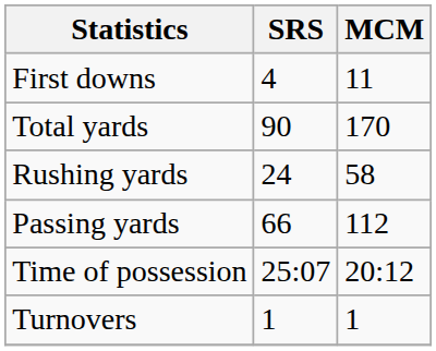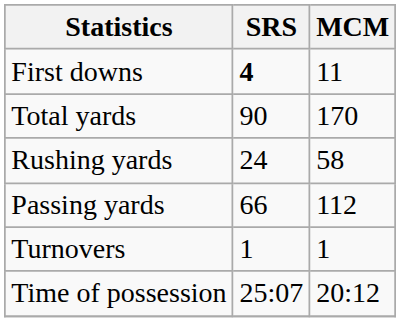 <table class="wikitable">
 <tr>
 <th>Statistics</th>
 <th>SRS</th>
 <th>MCM</th>
 </tr>
 <tr>
 <td>First downs</td>
-<td>4</td>
+<td><strong>4</strong></td>
 <td>11</td>
 </tr>
 <tr>
 <td>Total yards</td>
 <td>90</td>
 <td>170</td>
 </tr>
 <tr>
 <td>Rushing yards</td>
 <td>24</td>
 <td>58</td>
 </tr>
 <tr>
 <td>Passing yards</td>
 <td>66</td>
 <td>112</td>
 </tr>
 <tr>
+<td>Turnovers</td>
+<td>1</td>
+<td>1</td>
+</tr>
+<tr>
 <td>Time of possession</td>
 <td>25:07</td>
 <td>20:12</td>
 </tr>
 <tr>
-<td>Turnovers</td>
-<td>1</td>
-<td>1</td>
-</tr>
-<tr>
 </tr>
 </table>
